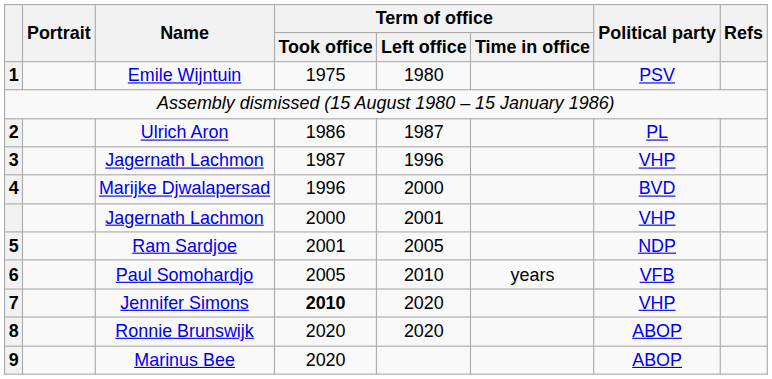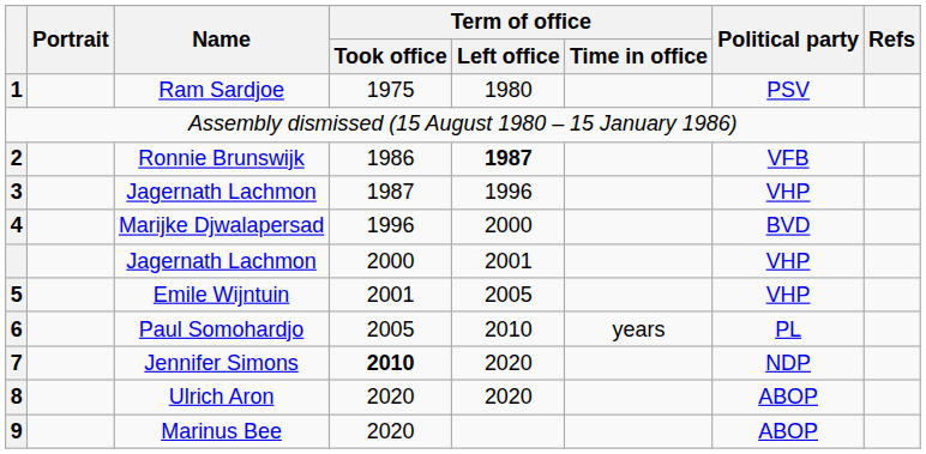 <table class="wikitable" style="text-align:center">
 <tr>
 <th rowspan=2></th>
 <th rowspan=2>Portrait</th>
 <th rowspan=2>Name<br></th>
 <th colspan=3>Term of office</th>
 <th rowspan=2>Political party</th>
 <th rowspan=2>Refs</th>
 </tr>
 <tr>
 <th>Took office</th>
 <th>Left office</th>
 <th>Time in office</th>
 </tr>
 <tr>
 <th style="background:">1</th>
 <td></td>
-<td><a href='#'>Emile Wijntuin</a><br></td>
+<td><a href='#'>Ram Sardjoe</a><br></td>
 <td> 1975</td>
 <td> 1980<br></td>
 <td></td>
 <td><a href='#'>PSV</a></td>
 <td></td>
 </tr>
 <tr>
 <td colspan=10><em>Assembly dismissed (15 August 1980  – 15 January 1986)</em></td>
 </tr>
 <tr>
 <th style="background:">2</th>
 <td></td>
-<td><a href='#'>Ulrich Aron</a><br></td>
+<td><a href='#'>Ronnie Brunswijk</a><br></td>
 <td> 1986</td>
-<td> 1987</td>
+<td><strong> 1987</strong></td>
 <td></td>
-<td><a href='#'>PL</a></td>
+<td><a href='#'>VFB</a></td>
 <td></td>
 </tr>
 <tr>
 <th style="background:">3</th>
 <td></td>
 <td><a href='#'>Jagernath Lachmon</a><br></td>
 <td> 1987</td>
 <td> 1996</td>
 <td></td>
 <td><a href='#'>VHP</a></td>
 <td></td>
 </tr>
 <tr>
 <th style="background:">4</th>
 <td></td>
 <td><a href='#'>Marijke Djwalapersad</a><br></td>
 <td> 1996</td>
 <td> 2000</td>
 <td></td>
 <td><a href='#'>BVD</a></td>
 <td></td>
 </tr>
 <tr>
 <th style="background:"></th>
 <td></td>
 <td><a href='#'>Jagernath Lachmon</a><br></td>
 <td> 2000</td>
 <td> 2001</td>
 <td></td>
 <td><a href='#'>VHP</a></td>
 <td></td>
 </tr>
 <tr>
 <th style="background:">5</th>
 <td></td>
-<td><a href='#'>Ram Sardjoe</a><br></td>
+<td><a href='#'>Emile Wijntuin</a><br></td>
 <td> 2001</td>
 <td> 2005</td>
 <td></td>
-<td><a href='#'>NDP</a></td>
+<td><a href='#'>VHP</a></td>
 <td></td>
 </tr>
 <tr>
 <th style="background:">6</th>
 <td></td>
 <td><a href='#'>Paul Somohardjo</a><br></td>
 <td> 2005</td>
 <td> 2010</td>
 <td> years</td>
-<td><a href='#'>VFB</a></td>
+<td><a href='#'>PL</a></td>
 <td></td>
 </tr>
 <tr>
 <th style="background:">7</th>
 <td></td>
 <td><a href='#'>Jennifer Simons</a><br></td>
 <td><strong> 2010</strong></td>
 <td> 2020</td>
 <td></td>
-<td><a href='#'>VHP</a></td>
+<td><a href='#'>NDP</a></td>
 <td></td>
 </tr>
 <tr>
 <th style="background:">8</th>
 <td></td>
-<td><a href='#'>Ronnie Brunswijk</a><br></td>
+<td><a href='#'>Ulrich Aron</a><br></td>
 <td> 2020</td>
 <td> 2020</td>
 <td></td>
 <td><a href='#'>ABOP</a></td>
 <td></td>
 </tr>
 <tr>
 <th style="background:">9</th>
 <td></td>
 <td><a href='#'>Marinus Bee</a><br></td>
 <td> 2020</td>
 <td></td>
 <td><br></td>
 <td><a href='#'>ABOP</a></td>
 <td></td>
 </tr>
 </table>
